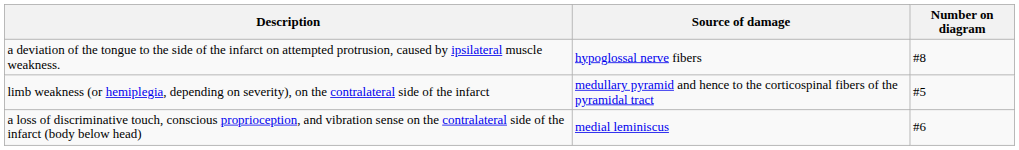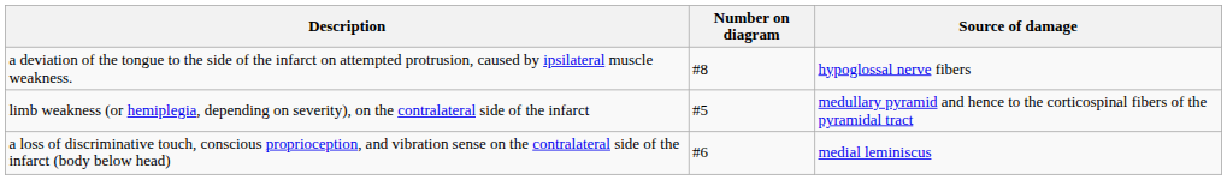 <table class="wikitable">
 <tr>
 <th>Description</th>
+<th>Number on diagram</th>
 <th>Source of damage</th>
-<th>Number on diagram</th>
 </tr>
 <tr>
 <td>a deviation of the tongue to the side of the infarct on attempted protrusion, caused by <a href='#'>ipsilateral</a> muscle weakness.</td>
+<td>#8</td>
 <td><a href='#'>hypoglossal nerve</a> fibers</td>
-<td>#8</td>
 </tr>
 <tr>
 <td>limb weakness (or <a href='#'>hemiplegia</a>, depending on severity), on the <a href='#'>contralateral</a> side of the infarct</td>
+<td>#5</td>
 <td><a href='#'>medullary pyramid</a> and hence to the corticospinal fibers of the <a href='#'>pyramidal tract</a></td>
-<td>#5</td>
 </tr>
 <tr>
 <td>a loss of discriminative touch, conscious <a href='#'>proprioception</a>, and vibration sense on the <a href='#'>contralateral</a> side of the infarct (body below head)</td>
+<td>#6</td>
 <td><a href='#'>medial leminiscus</a></td>
-<td>#6</td>
 </tr>
 </table>
